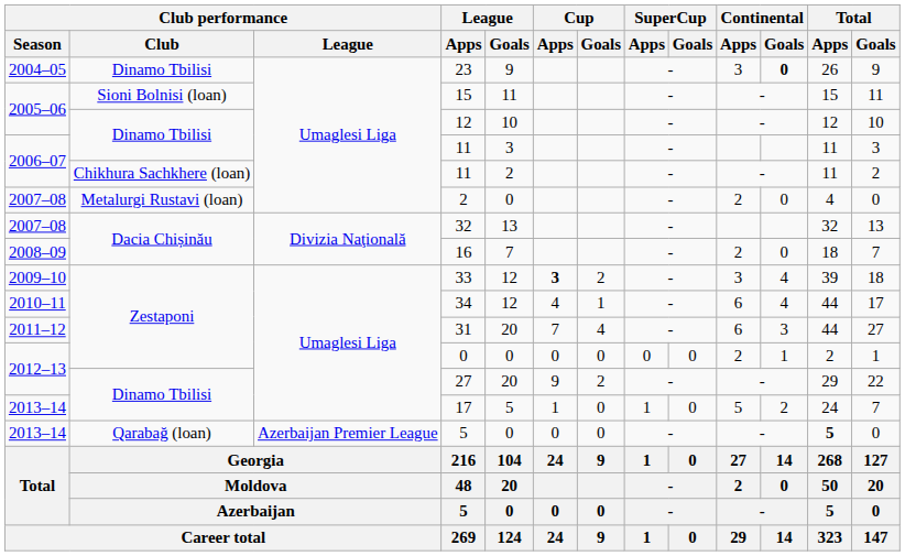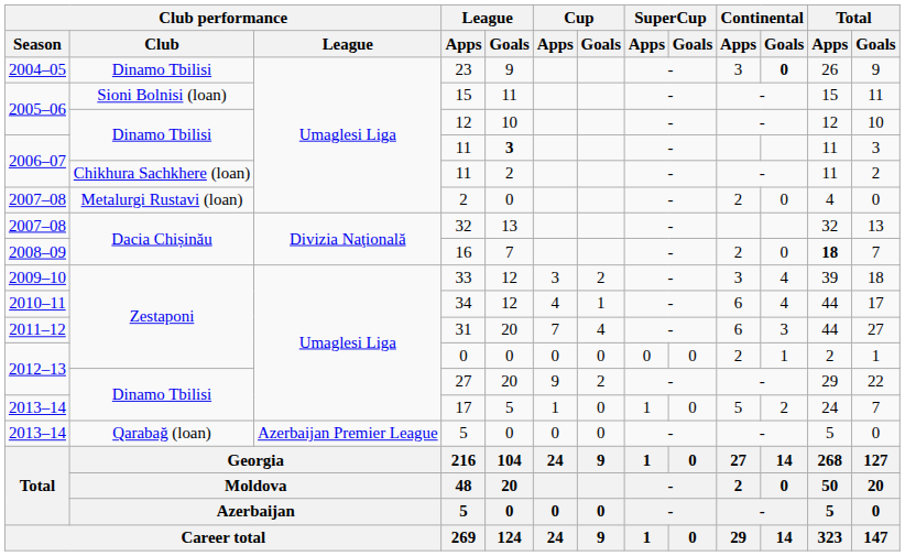 <table class="wikitable" style="text-align:center">
 <tr>
 <th colspan=3>Club performance</th>
 <th colspan=2>League</th>
 <th colspan=2>Cup</th>
 <th colspan=2>SuperCup</th>
 <th colspan=2>Continental</th>
 <th colspan=2>Total</th>
 </tr>
 <tr>
 <th>Season</th>
 <th>Club</th>
 <th>League</th>
 <th>Apps</th>
 <th>Goals</th>
 <th>Apps</th>
 <th>Goals</th>
 <th>Apps</th>
 <th>Goals</th>
 <th>Apps</th>
 <th>Goals</th>
 <th>Apps</th>
 <th>Goals</th>
 </tr>
 <tr>
 <td><a href='#'>2004–05</a></td>
 <td><a href='#'>Dinamo Tbilisi</a></td>
 <td rowspan="6"><a href='#'>Umaglesi Liga</a></td>
 <td>23</td>
 <td>9</td>
 <td></td>
 <td></td>
 <td colspan="2">-</td>
 <td>3</td>
 <td><strong>0</strong></td>
 <td>26</td>
 <td>9</td>
 </tr>
 <tr>
 <td rowspan="2"><a href='#'>2005–06</a></td>
 <td><a href='#'>Sioni Bolnisi</a> (loan)</td>
 <td>15</td>
 <td>11</td>
 <td></td>
 <td></td>
 <td colspan="2">-</td>
 <td colspan="2">-</td>
 <td>15</td>
 <td>11</td>
 </tr>
 <tr>
 <td rowspan="2"><a href='#'>Dinamo Tbilisi</a></td>
 <td>12</td>
 <td>10</td>
 <td></td>
 <td></td>
 <td colspan="2">-</td>
 <td colspan="2">-</td>
 <td>12</td>
 <td>10</td>
 </tr>
 <tr>
 <td rowspan="2"><a href='#'>2006–07</a></td>
 <td>11</td>
-<td>3</td>
+<td><strong>3</strong></td>
 <td></td>
 <td></td>
 <td colspan="2">-</td>
 <td></td>
 <td></td>
 <td>11</td>
 <td>3</td>
 </tr>
 <tr>
 <td><a href='#'>Chikhura Sachkhere</a> (loan)</td>
 <td>11</td>
 <td>2</td>
 <td></td>
 <td></td>
 <td colspan="2">-</td>
 <td colspan="2">-</td>
 <td>11</td>
 <td>2</td>
 </tr>
 <tr>
 <td><a href='#'>2007–08</a></td>
 <td><a href='#'>Metalurgi Rustavi</a> (loan)</td>
 <td>2</td>
 <td>0</td>
 <td></td>
 <td></td>
 <td colspan="2">-</td>
 <td>2</td>
 <td>0</td>
 <td>4</td>
 <td>0</td>
 </tr>
 <tr>
 <td><a href='#'>2007–08</a></td>
 <td rowspan="2"><a href='#'>Dacia Chișinău</a></td>
 <td rowspan="2"><a href='#'>Divizia Naţională</a></td>
 <td>32</td>
 <td>13</td>
 <td></td>
 <td></td>
 <td colspan="2">-</td>
 <td></td>
 <td></td>
 <td>32</td>
 <td>13</td>
 </tr>
 <tr>
 <td><a href='#'>2008–09</a></td>
 <td>16</td>
 <td>7</td>
 <td></td>
 <td></td>
 <td colspan="2">-</td>
 <td>2</td>
 <td>0</td>
-<td>18</td>
+<td><strong>18</strong></td>
 <td>7</td>
 </tr>
 <tr>
 <td><a href='#'>2009–10</a></td>
 <td rowspan="4"><a href='#'>Zestaponi</a></td>
 <td rowspan="6"><a href='#'>Umaglesi Liga</a></td>
 <td>33</td>
 <td>12</td>
-<td><strong>3</strong></td>
+<td>3</td>
 <td>2</td>
 <td colspan="2">-</td>
 <td>3</td>
 <td>4</td>
 <td>39</td>
 <td>18</td>
 </tr>
 <tr>
 <td><a href='#'>2010–11</a></td>
 <td>34</td>
 <td>12</td>
 <td>4</td>
 <td>1</td>
 <td colspan="2">-</td>
 <td>6</td>
 <td>4</td>
 <td>44</td>
 <td>17</td>
 </tr>
 <tr>
 <td><a href='#'>2011–12</a></td>
 <td>31</td>
 <td>20</td>
 <td>7</td>
 <td>4</td>
 <td colspan="2">-</td>
 <td>6</td>
 <td>3</td>
 <td>44</td>
 <td>27</td>
 </tr>
 <tr>
 <td rowspan="2"><a href='#'>2012–13</a></td>
 <td>0</td>
 <td>0</td>
 <td>0</td>
 <td>0</td>
 <td>0</td>
 <td>0</td>
 <td>2</td>
 <td>1</td>
 <td>2</td>
 <td>1</td>
 </tr>
 <tr>
 <td rowspan="2"><a href='#'>Dinamo Tbilisi</a></td>
 <td>27</td>
 <td>20</td>
 <td>9</td>
 <td>2</td>
 <td colspan="2">-</td>
 <td colspan="2">-</td>
 <td>29</td>
 <td>22</td>
 </tr>
 <tr>
 <td><a href='#'>2013–14</a></td>
 <td>17</td>
 <td>5</td>
 <td>1</td>
 <td>0</td>
 <td>1</td>
 <td>0</td>
 <td>5</td>
 <td>2</td>
 <td>24</td>
 <td>7</td>
 </tr>
 <tr>
 <td><a href='#'>2013–14</a></td>
 <td><a href='#'>Qarabağ</a> (loan)</td>
 <td><a href='#'>Azerbaijan Premier League</a></td>
 <td>5</td>
 <td>0</td>
 <td>0</td>
 <td>0</td>
 <td colspan="2">-</td>
 <td colspan="2">-</td>
-<td><strong>5</strong></td>
+<td>5</td>
 <td>0</td>
 </tr>
 <tr>
 <th rowspan=3>Total</th>
 <th colspan=2>Georgia</th>
 <th>216</th>
 <th>104</th>
 <th>24</th>
 <th>9</th>
 <th>1</th>
 <th>0</th>
 <th>27</th>
 <th>14</th>
 <th>268</th>
 <th>127</th>
 </tr>
 <tr>
 <th colspan=2>Moldova</th>
 <th>48</th>
 <th>20</th>
 <th></th>
 <th></th>
 <th colspan="2">-</th>
 <th>2</th>
 <th>0</th>
 <th>50</th>
 <th>20</th>
 </tr>
 <tr>
 <th colspan=2>Azerbaijan</th>
 <th>5</th>
 <th>0</th>
 <th>0</th>
 <th>0</th>
 <th colspan="2">-</th>
 <th colspan="2">-</th>
 <th>5</th>
 <th>0</th>
 </tr>
 <tr>
 <th colspan=3>Career total</th>
 <th>269</th>
 <th>124</th>
 <th>24</th>
 <th>9</th>
 <th>1</th>
 <th>0</th>
 <th>29</th>
 <th>14</th>
 <th>323</th>
 <th>147</th>
 </tr>
 </table>
